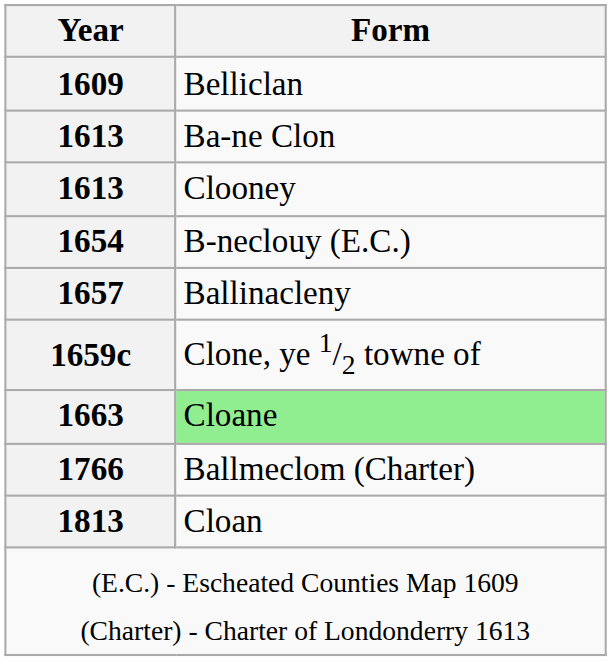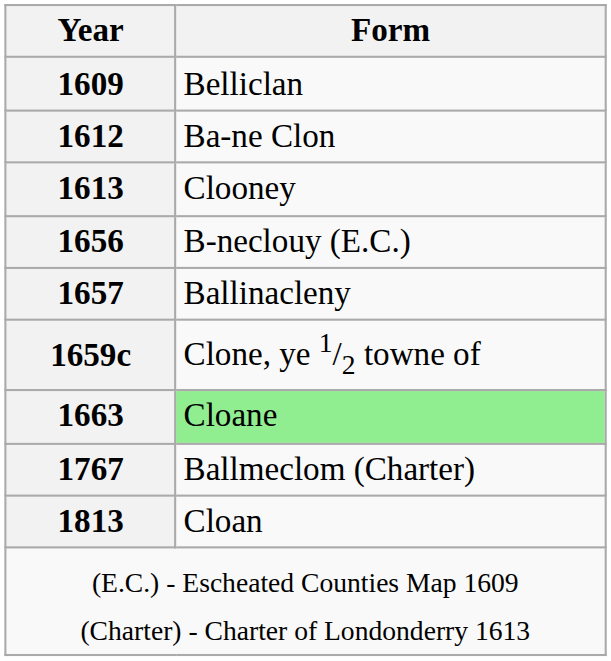 <table class="wikitable" style="margin:0 0 0 3em; border:1px solid darkgrey;">
 <tr>
 <th style="width:75px;">Year</th>
 <th style="width:200px;">Form</th>
 </tr>
 <tr>
 <th>1609</th>
 <td>Belliclan</td>
 </tr>
 <tr>
-<th>1613</th>
+<th>1612</th>
 <td>Ba-ne Clon</td>
 </tr>
 <tr>
 <th>1613</th>
 <td>Clooney</td>
 </tr>
 <tr>
-<th>1654</th>
+<th>1656</th>
 <td>B-neclouy (E.C.)</td>
 </tr>
 <tr>
 <th>1657</th>
 <td>Ballinacleny</td>
 </tr>
 <tr>
 <th>1659c</th>
 <td>Clone, ye <sup>1</sup>/<sub>2</sub> towne of</td>
 </tr>
 <tr>
 <th>1663</th>
 <td style="background: lightgreen;">Cloane</td>
 </tr>
 <tr>
-<th>1766</th>
+<th>1767</th>
 <td>Ballmeclom (Charter)</td>
 </tr>
 <tr>
 <th>1813</th>
 <td>Cloan</td>
 </tr>
 <tr>
 <td colspan="2" align="center"><sub>(E.C.) - Escheated Counties Map 1609<br>(Charter) - Charter of Londonderry 1613</sub></td>
 </tr>
 </table>
